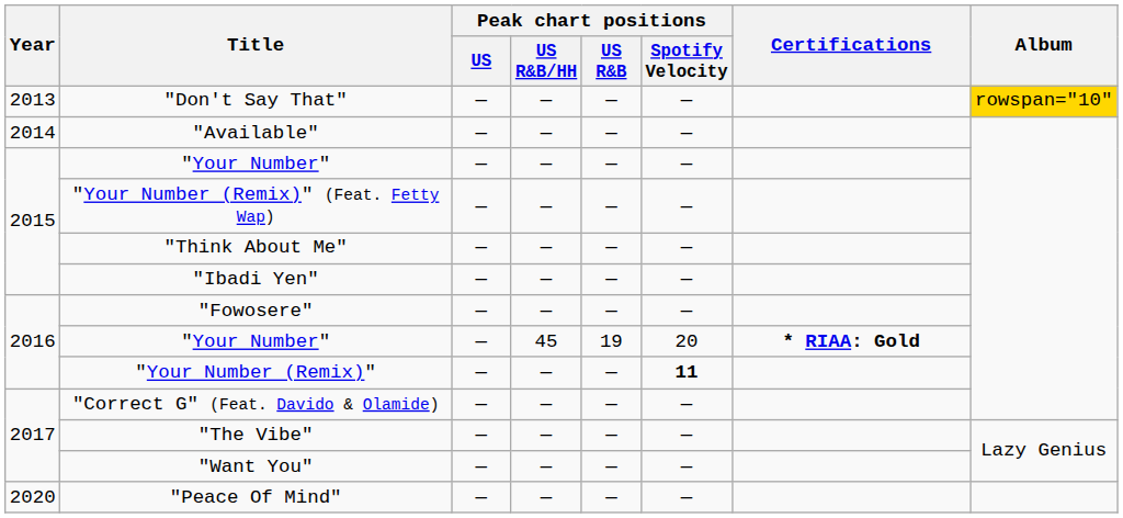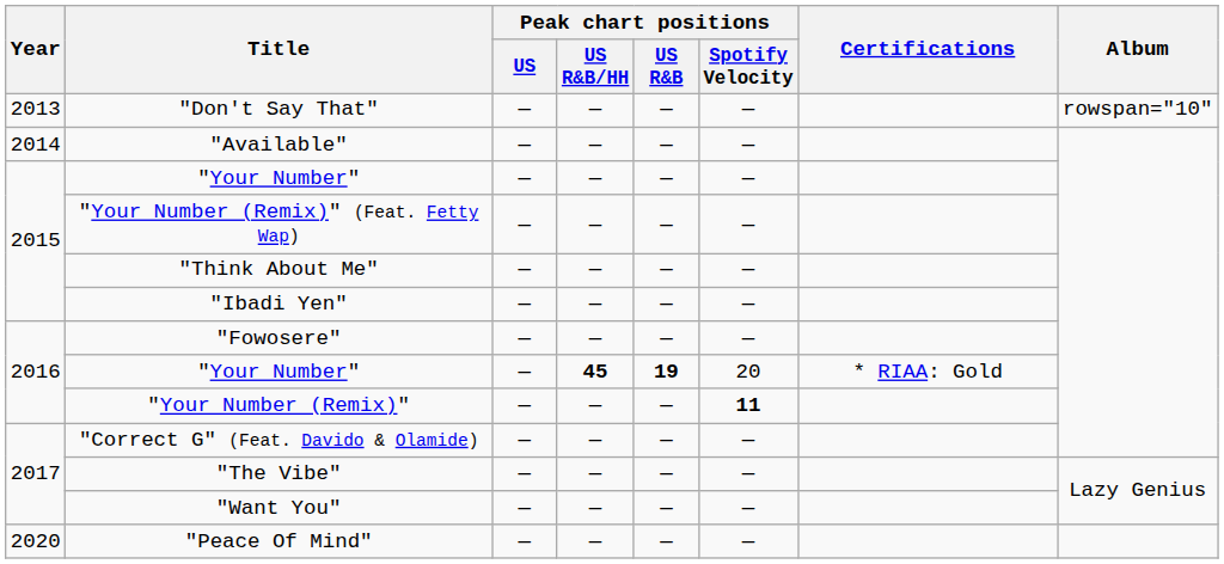 <table class="wikitable plainrowheaders" style="text-align:center;">
 <tr>
 <th scope="col" rowspan="2">Year</th>
 <th scope="col" rowspan="2" style="width:20em;">Title</th>
 <th scope="col" colspan="4">Peak chart positions</th>
 <th scope="col" rowspan="2" style="width:12em;"><a href='#'>Certifications</a></th>
 <th scope="col" rowspan="2">Album</th>
 </tr>
 <tr>
 <th scope="col" style="width:3em;font-size:90%;"><a href='#'>US</a></th>
 <th scope="col" style="width:3em;font-size:90%;"><a href='#'>US<br>R&B/HH</a></th>
 <th scope="col" style="width:3em;font-size:90%;"><a href='#'>US<br>R&B</a></th>
 <th scope="col" style="width:3em;font-size:90%;"><a href='#'>Spotify</a> Velocity</th>
 </tr>
 <tr>
 <td>2013</td>
 <td>"Don't Say That"</td>
 <td>—</td>
 <td>—</td>
 <td>—</td>
 <td>—</td>
 <td></td>
-<td style="background: gold;">rowspan="10"</td>
+<td>rowspan="10"</td>
 </tr>
 <tr>
 <td>2014</td>
 <td>"Available"</td>
 <td>—</td>
 <td>—</td>
 <td>—</td>
 <td>—</td>
 <td></td>
 </tr>
 <tr>
 <td rowspan="4">2015</td>
 <td>"<a href='#'>Your Number</a>"</td>
 <td>—</td>
 <td>—</td>
 <td>—</td>
 <td>—</td>
 <td></td>
 </tr>
 <tr>
 <td>"<a href='#'>Your Number (Remix)</a>" <small>(Feat. <a href='#'>Fetty Wap</a>)</small></td>
 <td>—</td>
 <td>—</td>
 <td>—</td>
 <td>—</td>
 <td></td>
 </tr>
 <tr>
 <td>"Think About Me"</td>
 <td>—</td>
 <td>—</td>
 <td>—</td>
 <td>—</td>
 <td></td>
 </tr>
 <tr>
 <td>"Ibadi Yen"</td>
 <td>—</td>
 <td>—</td>
 <td>—</td>
 <td>—</td>
 <td></td>
 </tr>
 <tr>
 <td rowspan="3">2016</td>
 <td>"Fowosere"</td>
 <td>—</td>
 <td>—</td>
 <td>—</td>
 <td>—</td>
 <td></td>
 </tr>
 <tr>
 <td>"<a href='#'>Your Number</a>"</td>
 <td>—</td>
-<td>45</td>
-<td>19</td>
+<td><strong>45</strong></td>
+<td><strong>19</strong></td>
 <td>20</td>
-<td><strong>* <a href='#'>RIAA</a>: Gold</strong></td>
+<td>* <a href='#'>RIAA</a>: Gold</td>
 </tr>
 <tr>
 <td>"<a href='#'>Your Number (Remix)</a>"</td>
 <td>—</td>
 <td>—</td>
 <td>—</td>
 <td><strong>11</strong></td>
 <td></td>
 </tr>
 <tr>
 <td rowspan="3">2017</td>
 <td>"Correct G" <small>(Feat. <a href='#'>Davido</a> & <a href='#'>Olamide</a>)</small></td>
 <td>—</td>
 <td>—</td>
 <td>—</td>
 <td>—</td>
 <td></td>
 </tr>
 <tr>
 <td>"The Vibe"</td>
 <td>—</td>
 <td>—</td>
 <td>—</td>
 <td>—</td>
 <td></td>
 <td rowspan="2">Lazy Genius</td>
 </tr>
 <tr>
 <td>"Want You"</td>
 <td>—</td>
 <td>—</td>
 <td>—</td>
 <td>—</td>
 <td></td>
 </tr>
 <tr>
 <td>2020</td>
 <td>"Peace Of Mind"</td>
 <td>—</td>
 <td>—</td>
 <td>—</td>
 <td>—</td>
 <td></td>
 <td></td>
 </tr>
 </table>
